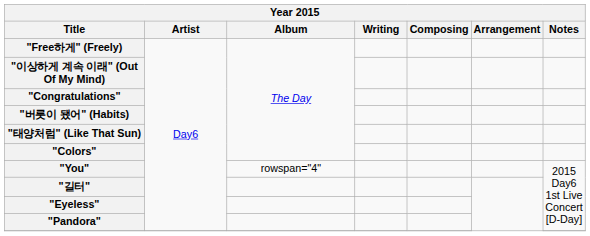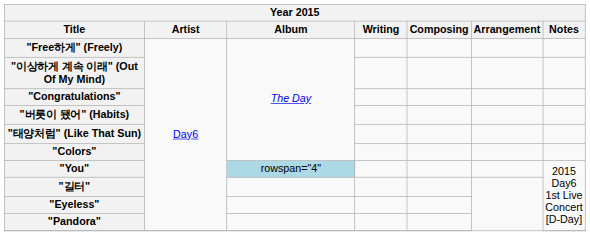 <table class="wikitable plainrowheaders collapsible collapsed" style="text-align:center">
 <tr>
 <th colspan="7">Year 2015</th>
 </tr>
 <tr>
 <th scope="col" style="width:15em;">Title</th>
 <th scope="col" style="width:10em;">Artist</th>
 <th scope="col" style="width:15em;">Album</th>
 <th scope="col" style="width:5em;">Writing</th>
 <th scope="col" style="width:5em;">Composing</th>
 <th scope="col" style="width:5em;">Arrangement</th>
 <th scope="col">Notes</th>
 </tr>
 <tr>
 <th scope="row">"Free하게" (Freely)</th>
 <td rowspan="10"><a href='#'>Day6</a></td>
 <td rowspan="6"><em><a href='#'>The Day</a></em></td>
 <td></td>
 <td></td>
 <td></td>
 <td></td>
 </tr>
 <tr>
 <th scope="row">"이상하게 계속 이래" (Out Of My Mind)</th>
 <td></td>
 <td></td>
 <td></td>
 <td></td>
 </tr>
 <tr>
 <th scope="row">"Congratulations"</th>
 <td></td>
 <td></td>
 <td></td>
 <td></td>
 </tr>
 <tr>
 <th scope="row">"버릇이 됐어" (Habits)</th>
 <td></td>
 <td></td>
 <td></td>
 <td></td>
 </tr>
 <tr>
 <th scope="row">"태양처럼" (Like That Sun)</th>
 <td></td>
 <td></td>
 <td></td>
 <td></td>
 </tr>
 <tr>
 <th scope="row">"Colors"</th>
 <td></td>
 <td></td>
 <td></td>
 <td></td>
 </tr>
 <tr>
 <th scope="row">"You"</th>
-<td>rowspan="4" </td>
+<td style="background: lightblue;">rowspan="4" </td>
 <td></td>
 <td></td>
 <td></td>
 <td rowspan="4">2015 Day6 1st Live Concert [D-Day]</td>
 </tr>
 <tr>
 <th scope="row">"길터"</th>
 <td></td>
 <td></td>
 <td></td>
 </tr>
 <tr>
 <th scope="row">"Eyeless"</th>
 <td></td>
 <td></td>
 <td></td>
 </tr>
 <tr>
 <th scope="row">"Pandora"</th>
 <td></td>
 <td></td>
 <td></td>
 </tr>
 <tr>
 </tr>
 </table>
